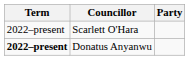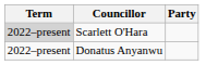 <table class="wikitable">
 <tr>
 <th>Term</th>
 <th>Councillor</th>
 <th colspan=2>Party</th>
 </tr>
 <tr>
-<td>2022–present</td>
+<td style="background: lightgrey;">2022–present</td>
 <td>Scarlett O'Hara</td>
 <td></td>
 </tr>
 <tr>
-<td><strong>2022–present</strong></td>
+<td>2022–present</td>
 <td>Donatus Anyanwu</td>
 <td></td>
 </tr>
 </table>
